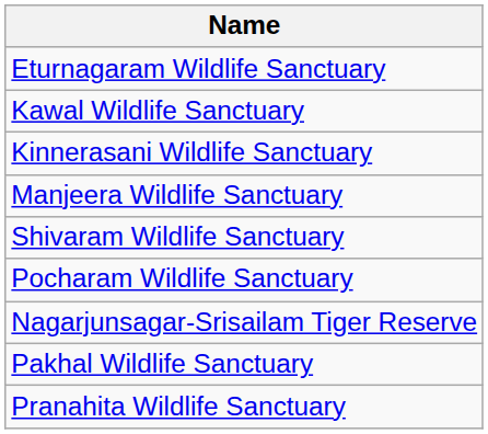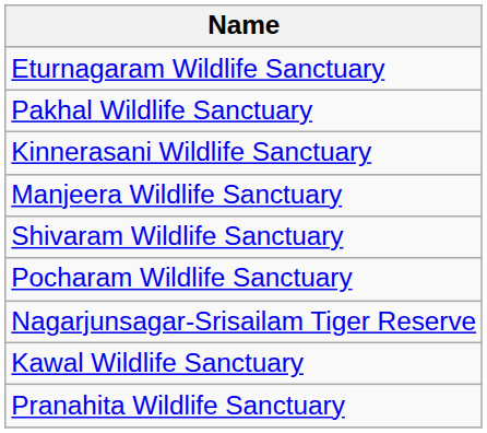 <table class="wikitable">
 <tr>
 <th>Name</th>
 </tr>
 <tr>
 <td><a href='#'>Eturnagaram Wildlife Sanctuary</a></td>
 </tr>
 <tr>
-<td><a href='#'>Kawal Wildlife Sanctuary</a></td>
+<td><a href='#'>Pakhal Wildlife Sanctuary</a></td>
 </tr>
 <tr>
 <td><a href='#'>Kinnerasani Wildlife Sanctuary</a></td>
 </tr>
 <tr>
 <td><a href='#'>Manjeera Wildlife Sanctuary</a></td>
 </tr>
 <tr>
 <td><a href='#'>Shivaram Wildlife Sanctuary</a></td>
 </tr>
 <tr>
 <td><a href='#'>Pocharam Wildlife Sanctuary</a></td>
 </tr>
 <tr>
 <td><a href='#'>Nagarjunsagar-Srisailam Tiger Reserve</a></td>
 </tr>
 <tr>
-<td><a href='#'>Pakhal Wildlife Sanctuary</a></td>
+<td><a href='#'>Kawal Wildlife Sanctuary</a></td>
 </tr>
 <tr>
 <td><a href='#'>Pranahita Wildlife Sanctuary</a></td>
 </tr>
 </table>
